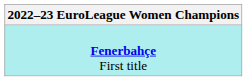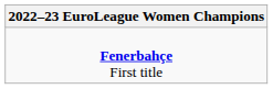 <table class=wikitable style="text-align:center; margin:auto">
 <tr>
 <th>2022–23 EuroLeague Women Champions</th>
 </tr>
 <tr>
-<td style="background: paleturquoise;"> <br><strong><a href='#'>Fenerbahçe</a></strong><br>First title</td>
+<td> <br><strong><a href='#'>Fenerbahçe</a></strong><br>First title</td>
 </tr>
 </table>
